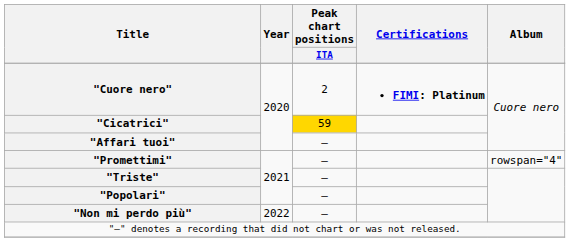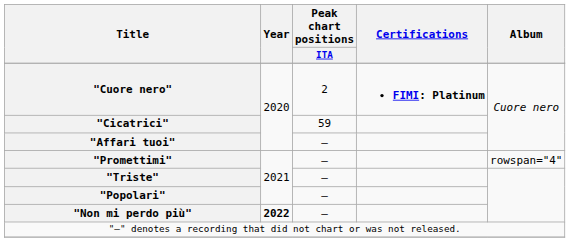 <table class="wikitable plainrowheaders" style="text-align:center;">
 <tr>
 <th scope="col" rowspan="2" style="width:23em;">Title</th>
 <th scope="col" rowspan="2" style="width:1em;">Year</th>
 <th scope="col">Peak chart positions</th>
 <th scope="col" rowspan="2"><a href='#'>Certifications</a></th>
 <th scope="col" rowspan="2">Album</th>
 </tr>
 <tr>
 <th scope="col" style="width:3em;font-size:85%;"><a href='#'>ITA</a><br></th>
 </tr>
 <tr>
 </tr>
 <tr>
 <th scope="row">"Cuore nero"</th>
 <td rowspan="3">2020</td>
 <td>2</td>
 <td><strong><br><ul><li><a href='#'>FIMI</a>: Platinum</li></ul></strong></td>
 <td rowspan="3"><em>Cuore nero</em></td>
 </tr>
 <tr>
 <th scope="row">"Cicatrici"</th>
-<td style="background: gold;">59</td>
+<td>59</td>
 <td></td>
 </tr>
 <tr>
 <th scope="row">"Affari tuoi"</th>
 <td>—</td>
 <td></td>
 </tr>
 <tr>
 <th scope="row">"Promettimi"</th>
 <td rowspan="3">2021</td>
 <td>—</td>
 <td></td>
 <td>rowspan="4" </td>
 </tr>
 <tr>
 <th scope="row">"Triste"</th>
 <td>—</td>
 <td></td>
 </tr>
 <tr>
 <th scope="row">"Popolari"</th>
 <td>—</td>
 <td></td>
 </tr>
 <tr>
 <th scope="row">"Non mi perdo più"</th>
-<td>2022</td>
+<td><strong>2022</strong></td>
 <td>—</td>
 <td></td>
 </tr>
 <tr>
 <td colspan="20" style="font-size:85%;">"—" denotes a recording that did not chart or was not released.</td>
 </tr>
 <tr>
 </tr>
 </table>
